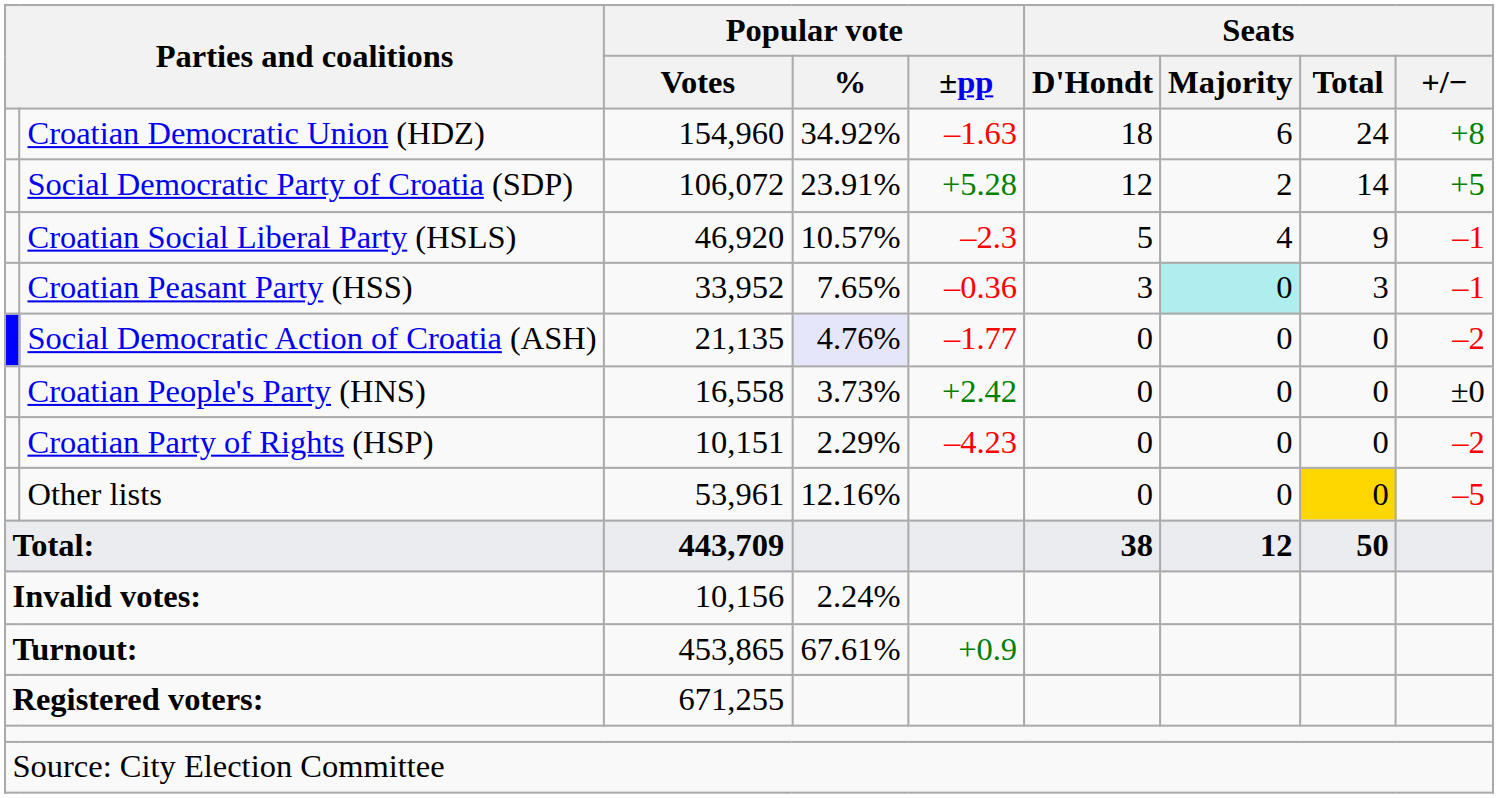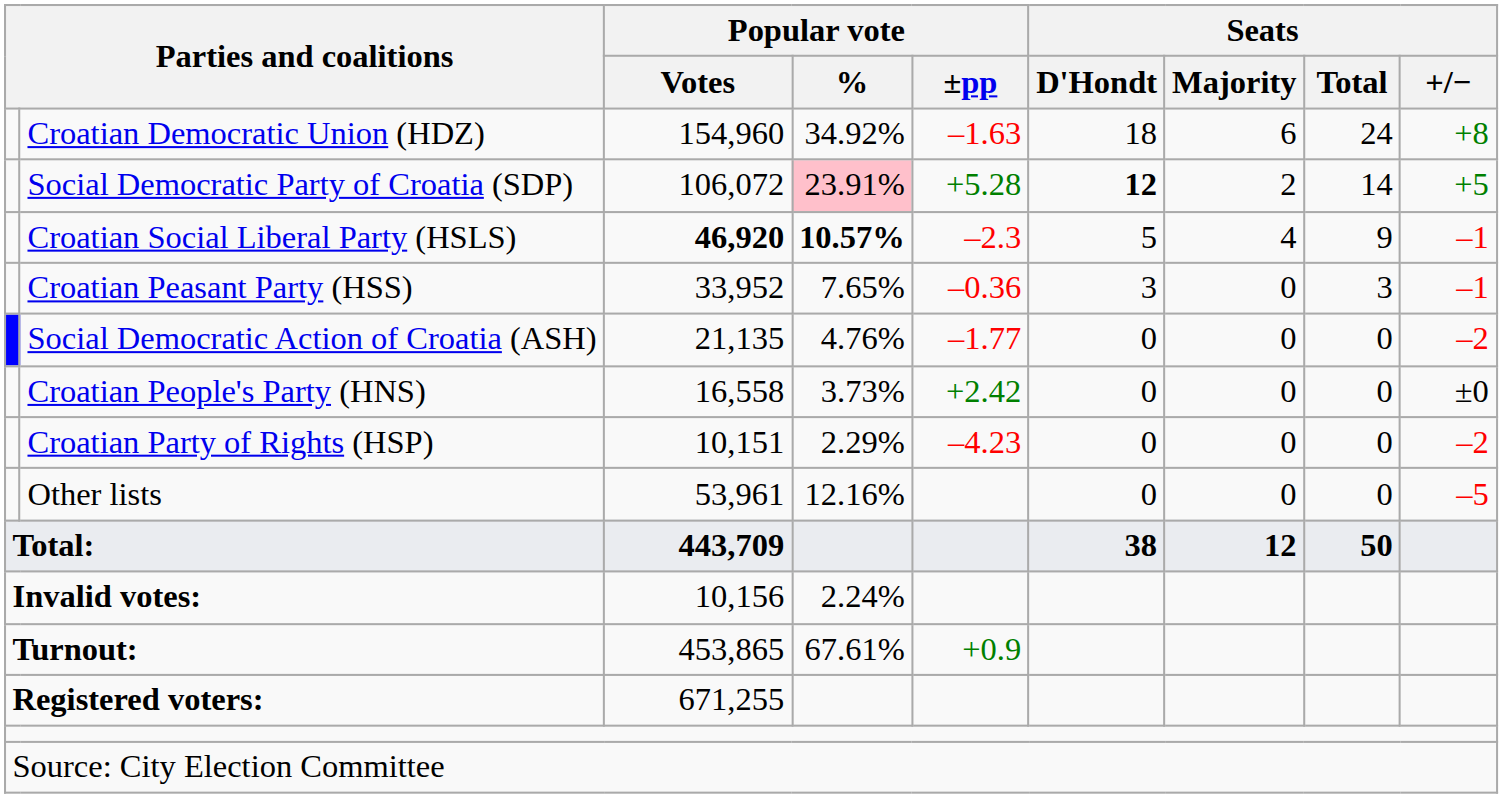 <table class="wikitable" border="1">
 <tr>
 <th align= center rowspan="2" colspan="2">Parties and coalitions</th>
 <th colspan="3">Popular vote</th>
 <th colspan="4">Seats</th>
 </tr>
 <tr align="center">
 <th width="85">Votes</th>
 <th width="50">%</th>
 <th width="50">±<a href='#'>pp</a></th>
 <th>D'Hondt</th>
 <th>Majority</th>
 <th width="40">Total</th>
 <th width="40">+/−</th>
 </tr>
 <tr>
 <td></td>
 <td align="left"><a href='#'>Croatian Democratic Union</a> (HDZ)</td>
 <td align="right">154,960</td>
 <td align="right">34.92%</td>
 <td align="right" style="color:red;">–1.63</td>
 <td align = right>18</td>
 <td align = right>6</td>
 <td align="right">24</td>
 <td align="right" style="color:green;">+8</td>
 </tr>
 <tr>
 <td></td>
 <td align="left"><a href='#'>Social Democratic Party of Croatia</a> (SDP)</td>
 <td align="right">106,072</td>
-<td align="right">23.91%</td>
+<td align="right" style="background: pink;">23.91%</td>
 <td align="right" style="color:green;">+5.28</td>
-<td align="right">12</td>
+<td align="right"><strong>12</strong></td>
 <td align="right">2</td>
 <td align="right">14</td>
 <td align="right" style="color:green;">+5</td>
 </tr>
 <tr>
 <td></td>
 <td align="left"><a href='#'>Croatian Social Liberal Party</a> (HSLS)</td>
-<td align="right">46,920</td>
-<td align="right">10.57%</td>
+<td align="right"><strong>46,920</strong></td>
+<td align="right"><strong>10.57%</strong></td>
 <td align="right" style="color:red;">–2.3</td>
 <td align="right">5</td>
 <td align="right">4</td>
 <td align="right">9</td>
 <td align="right" style="color:red;">–1</td>
 </tr>
 <tr>
 <td></td>
 <td align="left"><a href='#'>Croatian Peasant Party</a> (HSS)</td>
 <td align="right">33,952</td>
 <td align="right">7.65%</td>
 <td align="right" style="color:red;">–0.36</td>
 <td align="right">3</td>
-<td align="right" style="background: paleturquoise;">0</td>
+<td align="right">0</td>
 <td align="right">3</td>
 <td align="right" style="color:red;">–1</td>
 </tr>
 <tr>
 <td bgcolor="Blue"></td>
 <td align="left"><a href='#'>Social Democratic Action of Croatia</a> (ASH)</td>
 <td align="right">21,135</td>
-<td align="right" style="background: lavender;">4.76%</td>
+<td align="right">4.76%</td>
 <td align="right" style="color:red;">–1.77</td>
 <td align="right">0</td>
 <td align="right">0</td>
 <td align="right">0</td>
 <td align="right" style="color:red;">–2</td>
 </tr>
 <tr>
 <td></td>
 <td align="left"><a href='#'>Croatian People's Party</a> (HNS)</td>
 <td align="right">16,558</td>
 <td align="right">3.73%</td>
 <td align="right" style="color:green;">+2.42</td>
 <td align="right">0</td>
 <td align="right">0</td>
 <td align="right">0</td>
 <td align="right">±0</td>
 </tr>
 <tr>
 <td></td>
 <td align="left"><a href='#'>Croatian Party of Rights</a> (HSP)</td>
 <td align="right">10,151</td>
 <td align="right">2.29%</td>
 <td align="right" style="color:red;">–4.23</td>
 <td align="right">0</td>
 <td align="right">0</td>
 <td align="right">0</td>
 <td align="right" style="color:red;">–2</td>
 </tr>
 <tr>
 <td></td>
 <td align = left>Other lists</td>
 <td align = right>53,961</td>
 <td align = right>12.16%</td>
 <td align="right"></td>
 <td align="right">0</td>
 <td align="right">0</td>
-<td align="right" style="background: gold;">0</td>
+<td align="right">0</td>
 <td align="right" style="color:red;">–5</td>
 </tr>
 <tr>
 <td align=left colspan=2 style="background-color:#eaecf0"><strong>Total:</strong></td>
 <td align=right style="background-color:#eaecf0"><strong>443,709</strong></td>
 <td align=right style="background-color:#eaecf0"></td>
 <td align = right style="background-color:#eaecf0"></td>
 <td align=right style="background-color:#eaecf0"><strong>38</strong></td>
 <td align=right style="background-color:#eaecf0"><strong>12</strong></td>
 <td align=right style="background-color:#eaecf0"><strong>50</strong></td>
 <td align=right style="background-color:#eaecf0"></td>
 </tr>
 <tr>
 <td align=left colspan=2><strong>Invalid votes:</strong></td>
 <td align=right>10,156</td>
 <td align=right>2.24%</td>
 <td align="right"></td>
 <td></td>
 <td></td>
 <td align=right></td>
 <td align=right></td>
 </tr>
 <tr>
 <td align=left colspan=2><strong>Turnout:</strong></td>
 <td align=right>453,865</td>
 <td align=right>67.61%</td>
 <td align="right" style="color:green;">+0.9</td>
 <td></td>
 <td></td>
 <td align=right></td>
 <td align=right></td>
 </tr>
 <tr>
 <td align=left colspan=2><strong>Registered voters:</strong></td>
 <td align=right>671,255</td>
 <td align=right></td>
 <td align="right"></td>
 <td></td>
 <td></td>
 <td align=right></td>
 <td align=right></td>
 </tr>
 <tr>
 <td colspan="9" align="left"></td>
 </tr>
 <tr>
 <td colspan="9" align="left">Source: City Election Committee</td>
 </tr>
 </table>
